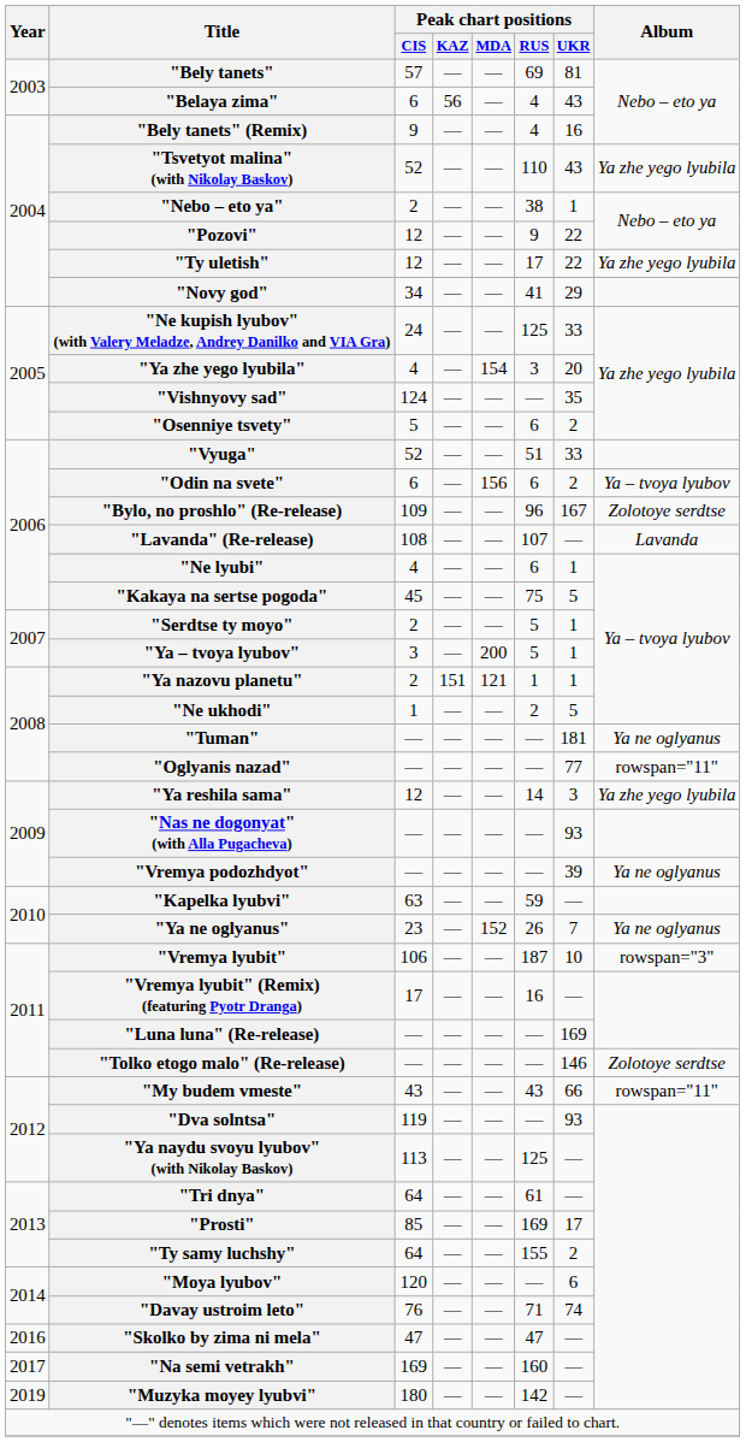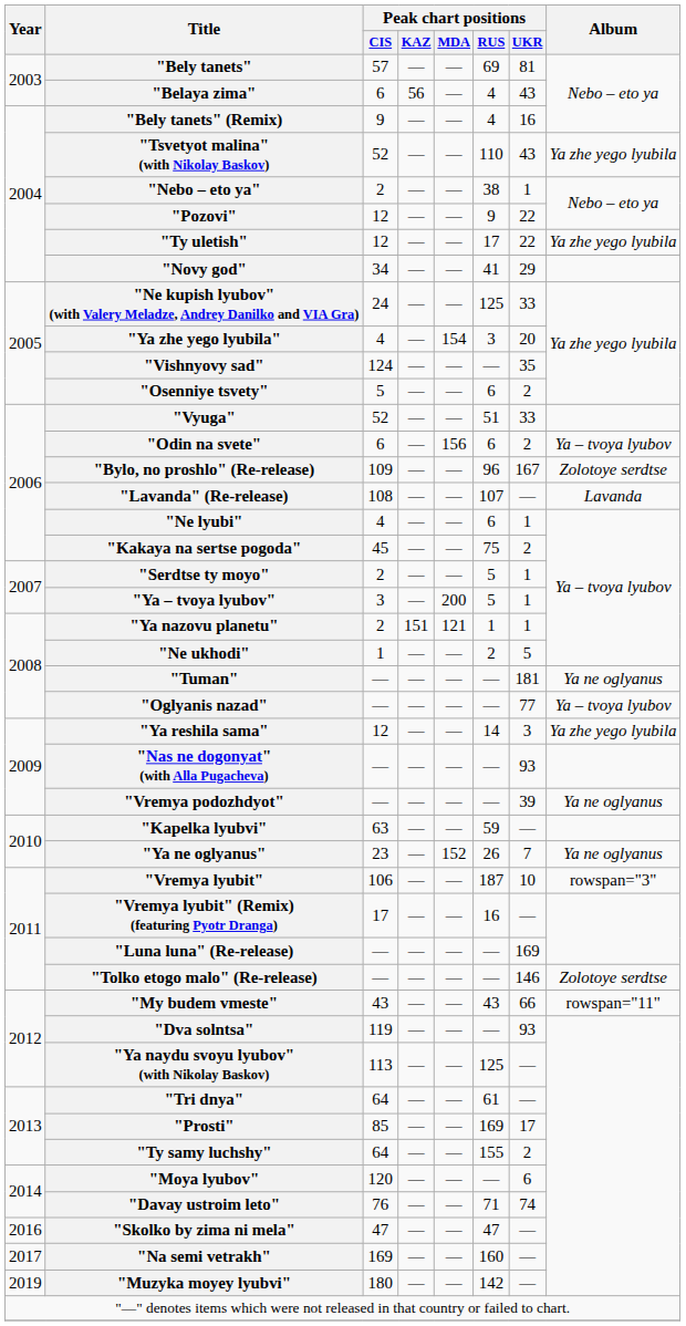 <table class="wikitable plainrowheaders" style="text-align: center;">
 <tr>
 <th rowspan="2">Year</th>
 <th rowspan="2">Title</th>
 <th colspan="5">Peak chart positions</th>
 <th rowspan="2">Album</th>
 </tr>
 <tr style=font-size:smaller;>
 <th style="width:28px;"><a href='#'>CIS</a><br></th>
 <th style="width:28px;"><a href='#'>KAZ</a><br></th>
 <th style="width:28px;"><a href='#'>MDA</a><br></th>
 <th style="width:28px;"><a href='#'>RUS</a><br></th>
 <th style="width:28px;"><a href='#'>UKR</a><br></th>
 </tr>
 <tr>
 <td rowspan="2">2003</td>
 <th scope="row">"Bely tanets"</th>
 <td>57</td>
 <td>—</td>
 <td>—</td>
 <td>69</td>
 <td>81</td>
 <td rowspan="3"><em>Nebo – eto ya</em></td>
 </tr>
 <tr>
 <th scope="row">"Belaya zima"</th>
 <td>6</td>
 <td>56</td>
 <td>—</td>
 <td>4</td>
 <td>43</td>
 </tr>
 <tr>
 <td rowspan="6">2004</td>
 <th scope="row">"Bely tanets" (Remix)</th>
 <td>9</td>
 <td>—</td>
 <td>—</td>
 <td>4</td>
 <td>16</td>
 </tr>
 <tr>
 <th scope="row">"Tsvetyot malina"<br> <small>(with <a href='#'>Nikolay Baskov</a>)</small></th>
 <td>52</td>
 <td>—</td>
 <td>—</td>
 <td>110</td>
 <td>43</td>
 <td rowspan="1"><em>Ya zhe yego lyubila</em></td>
 </tr>
 <tr>
 <th scope="row">"Nebo – eto ya"</th>
 <td>2</td>
 <td>—</td>
 <td>—</td>
 <td>38</td>
 <td>1</td>
 <td rowspan="2"><em>Nebo – eto ya</em></td>
 </tr>
 <tr>
 <th scope="row">"Pozovi"</th>
 <td>12</td>
 <td>—</td>
 <td>—</td>
 <td>9</td>
 <td>22</td>
 </tr>
 <tr>
 <th scope="row">"Ty uletish"</th>
 <td>12</td>
 <td>—</td>
 <td>—</td>
 <td>17</td>
 <td>22</td>
 <td rowspan="1"><em>Ya zhe yego lyubila</em></td>
 </tr>
 <tr>
 <th scope="row">"Novy god"</th>
 <td>34</td>
 <td>—</td>
 <td>—</td>
 <td>41</td>
 <td>29</td>
 <td></td>
 </tr>
 <tr>
 <td rowspan="4">2005</td>
 <th scope="row">"Ne kupish lyubov"<br> <small>(with <a href='#'>Valery Meladze</a>, <a href='#'>Andrey Danilko</a> and <a href='#'>VIA Gra</a>)</small></th>
 <td>24</td>
 <td>—</td>
 <td>—</td>
 <td>125</td>
 <td>33</td>
 <td rowspan="4"><em>Ya zhe yego lyubila</em></td>
 </tr>
 <tr>
 <th scope="row">"Ya zhe yego lyubila"</th>
 <td>4</td>
 <td>—</td>
 <td>154</td>
 <td>3</td>
 <td>20</td>
 </tr>
 <tr>
 <th scope="row">"Vishnyovy sad"</th>
 <td>124</td>
 <td>—</td>
 <td>—</td>
 <td>—</td>
 <td>35</td>
 </tr>
 <tr>
 <th scope="row">"Osenniye tsvety"</th>
 <td>5</td>
 <td>—</td>
 <td>—</td>
 <td>6</td>
 <td>2</td>
 </tr>
 <tr>
 <td rowspan="6">2006</td>
 <th scope="row">"Vyuga"</th>
 <td>52</td>
 <td>—</td>
 <td>—</td>
 <td>51</td>
 <td>33</td>
 <td></td>
 </tr>
 <tr>
 <th scope="row">"Odin na svete"</th>
 <td>6</td>
 <td>—</td>
 <td>156</td>
 <td>6</td>
 <td>2</td>
 <td rowspan="1"><em>Ya – tvoya lyubov</em></td>
 </tr>
 <tr>
 <th scope="row">"Bylo, no proshlo" (Re-release)</th>
 <td>109</td>
 <td>—</td>
 <td>—</td>
 <td>96</td>
 <td>167</td>
 <td><em>Zolotoye serdtse</em></td>
 </tr>
 <tr>
 <th scope="row">"Lavanda" (Re-release)</th>
 <td>108</td>
 <td>—</td>
 <td>—</td>
 <td>107</td>
 <td>—</td>
 <td><em>Lavanda</em></td>
 </tr>
 <tr>
 <th scope="row">"Ne lyubi"</th>
 <td>4</td>
 <td>—</td>
 <td>—</td>
 <td>6</td>
 <td>1</td>
 <td rowspan="6"><em>Ya – tvoya lyubov</em></td>
 </tr>
 <tr>
 <th scope="row">"Kakaya na sertse pogoda"</th>
 <td>45</td>
 <td>—</td>
 <td>—</td>
 <td>75</td>
-<td>5</td>
+<td>2</td>
 </tr>
 <tr>
 <td rowspan="2">2007</td>
 <th scope="row">"Serdtse ty moyo"</th>
 <td>2</td>
 <td>—</td>
 <td>—</td>
 <td>5</td>
 <td>1</td>
 </tr>
 <tr>
 <th scope="row">"Ya – tvoya lyubov"</th>
 <td>3</td>
 <td>—</td>
 <td>200</td>
 <td>5</td>
 <td>1</td>
 </tr>
 <tr>
 <td rowspan="4">2008</td>
 <th scope="row">"Ya nazovu planetu"</th>
 <td>2</td>
 <td>151</td>
 <td>121</td>
 <td>1</td>
 <td>1</td>
 </tr>
 <tr>
 <th scope="row">"Ne ukhodi"</th>
 <td>1</td>
 <td>—</td>
 <td>—</td>
 <td>2</td>
 <td>5</td>
 </tr>
 <tr>
 <th scope="row">"Tuman"</th>
 <td>—</td>
 <td>—</td>
 <td>—</td>
 <td>—</td>
 <td>181</td>
 <td rowspan="1"><em>Ya ne oglyanus</em></td>
 </tr>
 <tr>
 <th scope="row">"Oglyanis nazad"</th>
 <td>—</td>
 <td>—</td>
 <td>—</td>
 <td>—</td>
 <td>77</td>
-<td>rowspan="11" </td>
+<td rowspan="1"><em>Ya – tvoya lyubov</em></td>
 </tr>
 <tr>
 <td rowspan="3">2009</td>
 <th scope="row">"Ya reshila sama"</th>
 <td>12</td>
 <td>—</td>
 <td>—</td>
 <td>14</td>
 <td>3</td>
 <td rowspan="1"><em>Ya zhe yego lyubila</em></td>
 </tr>
 <tr>
 <th scope="row">"<a href='#'>Nas ne dogonyat</a>"<br> <small>(with <a href='#'>Alla Pugacheva</a>)</small></th>
 <td>—</td>
 <td>—</td>
 <td>—</td>
 <td>—</td>
 <td>93</td>
 </tr>
 <tr>
 <th scope="row">"Vremya podozhdyot"</th>
 <td>—</td>
 <td>—</td>
 <td>—</td>
 <td>—</td>
 <td>39</td>
 <td rowspan="1"><em>Ya ne oglyanus</em></td>
 </tr>
 <tr>
 <td rowspan="2">2010</td>
 <th scope="row">"Kapelka lyubvi"</th>
 <td>63</td>
 <td>—</td>
 <td>—</td>
 <td>59</td>
 <td>—</td>
 <td></td>
 </tr>
 <tr>
 <th scope="row">"Ya ne oglyanus"</th>
 <td>23</td>
 <td>—</td>
 <td>152</td>
 <td>26</td>
 <td>7</td>
 <td rowspan="1"><em>Ya ne oglyanus</em></td>
 </tr>
 <tr>
 <td rowspan="4">2011</td>
 <th scope="row">"Vremya lyubit"</th>
 <td>106</td>
 <td>—</td>
 <td>—</td>
 <td>187</td>
 <td>10</td>
 <td>rowspan="3" </td>
 </tr>
 <tr>
 <th scope="row">"Vremya lyubit" (Remix)<br> <small>(featuring <a href='#'>Pyotr Dranga</a>)</small></th>
 <td>17</td>
 <td>—</td>
 <td>—</td>
 <td>16</td>
 <td>—</td>
 </tr>
 <tr>
 <th scope="row">"Luna luna" (Re-release)</th>
 <td>—</td>
 <td>—</td>
 <td>—</td>
 <td>—</td>
 <td>169</td>
 </tr>
 <tr>
 <th scope="row">"Tolko etogo malo" (Re-release)</th>
 <td>—</td>
 <td>—</td>
 <td>—</td>
 <td>—</td>
 <td>146</td>
 <td><em>Zolotoye serdtse</em></td>
 </tr>
 <tr>
 <td rowspan="3">2012</td>
 <th scope="row">"My budem vmeste"</th>
 <td>43</td>
 <td>—</td>
 <td>—</td>
 <td>43</td>
 <td>66</td>
 <td>rowspan="11" </td>
 </tr>
 <tr>
 <th scope="row">"Dva solntsa"</th>
 <td>119</td>
 <td>—</td>
 <td>—</td>
 <td>—</td>
 <td>93</td>
 </tr>
 <tr>
 <th scope="row">"Ya naydu svoyu lyubov"<br> <small>(with Nikolay Baskov)</small></th>
 <td>113</td>
 <td>—</td>
 <td>—</td>
 <td>125</td>
 <td>—</td>
 </tr>
 <tr>
 <td rowspan="3">2013</td>
 <th scope="row">"Tri dnya"</th>
 <td>64</td>
 <td>—</td>
 <td>—</td>
 <td>61</td>
 <td>—</td>
 </tr>
 <tr>
 <th scope="row">"Prosti"</th>
 <td>85</td>
 <td>—</td>
 <td>—</td>
 <td>169</td>
 <td>17</td>
 </tr>
 <tr>
 <th scope="row">"Ty samy luchshy"</th>
 <td>64</td>
 <td>—</td>
 <td>—</td>
 <td>155</td>
 <td>2</td>
 </tr>
 <tr>
 <td rowspan="2">2014</td>
 <th scope="row">"Moya lyubov"</th>
 <td>120</td>
 <td>—</td>
 <td>—</td>
 <td>—</td>
 <td>6</td>
 </tr>
 <tr>
 <th scope="row">"Davay ustroim leto"</th>
 <td>76</td>
 <td>—</td>
 <td>—</td>
 <td>71</td>
 <td>74</td>
 </tr>
 <tr>
 <td>2016</td>
 <th scope="row">"Skolko by zima ni mela"</th>
 <td>47</td>
 <td>—</td>
 <td>—</td>
 <td>47</td>
 <td>—</td>
 </tr>
 <tr>
 <td>2017</td>
 <th scope="row">"Na semi vetrakh"</th>
 <td>169</td>
 <td>—</td>
 <td>—</td>
 <td>160</td>
 <td>—</td>
 </tr>
 <tr>
 <td>2019</td>
 <th scope="row">"Muzyka moyey lyubvi"</th>
 <td>180</td>
 <td>—</td>
 <td>—</td>
 <td>142</td>
 <td>—</td>
 </tr>
 <tr>
 <td colspan="8" style="font-size:90%;">"—" denotes items which were not released in that country or failed to chart.</td>
 </tr>
 <tr>
 </tr>
 </table>
